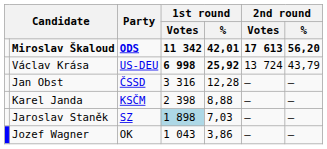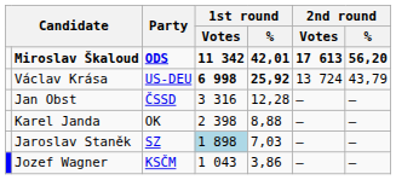 <table class="wikitable sortable">
 <tr>
 <th colspan="2" rowspan="2">Candidate</th>
 <th rowspan="2">Party</th>
 <th colspan="2">1st round</th>
 <th colspan="2">2nd round</th>
 </tr>
 <tr>
 <th>Votes</th>
 <th>%</th>
 <th>Votes</th>
 <th>%</th>
 </tr>
 <tr>
 <td style="background-color:"></td>
 <td><strong>Miroslav Škaloud</strong></td>
 <td><a href='#'><strong>ODS</strong></a></td>
 <td><strong>11 342</strong></td>
 <td><strong>42,01</strong></td>
 <td><strong>17 613</strong></td>
 <td><strong>56,20</strong></td>
 </tr>
 <tr>
 <td style="background-color:"></td>
 <td>Václav Krása</td>
 <td><a href='#'>US-DEU</a></td>
 <td><strong>6 998</strong></td>
 <td><strong>25,92</strong></td>
 <td>13 724</td>
 <td>43,79</td>
 </tr>
 <tr>
 <td style="background-color:"></td>
 <td>Jan Obst</td>
 <td><a href='#'>ČSSD</a></td>
 <td>3 316</td>
 <td>12,28</td>
 <td>—</td>
 <td>—</td>
 </tr>
 <tr>
 <td style="background-color:"></td>
 <td>Karel Janda</td>
-<td><a href='#'>KSČM</a></td>
+<td>OK</td>
 <td>2 398</td>
 <td>8,88</td>
 <td>—</td>
 <td>—</td>
 </tr>
 <tr>
 <td style="background-color:"></td>
 <td>Jaroslav Staněk</td>
 <td><a href='#'>SZ</a></td>
 <td style="background: lightblue;">1 898</td>
 <td>7,03</td>
 <td>—</td>
 <td>—</td>
 </tr>
 <tr>
 <td style="background-color:blue;"></td>
 <td>Jozef Wagner</td>
-<td>OK</td>
+<td><a href='#'>KSČM</a></td>
 <td>1 043</td>
 <td>3,86</td>
 <td>—</td>
 <td>—</td>
 </tr>
 </table>
